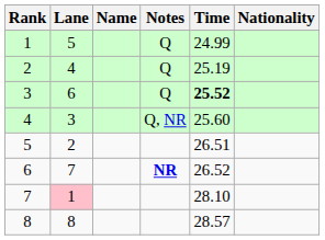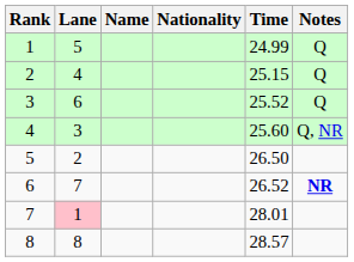 <table class="wikitable sortable" style="text-align:center">
 <tr>
 <th>Rank</th>
 <th>Lane</th>
 <th>Name</th>
+<th>Nationality</th>
+<th>Time</th>
 <th>Notes</th>
-<th>Time</th>
-<th>Nationality</th>
 </tr>
 <tr bgcolor="ccffcc">
 <td>1</td>
 <td>5</td>
 <td align="left"></td>
+<td align="left"></td>
+<td>24.99</td>
 <td>Q</td>
-<td>24.99</td>
-<td align="left"></td>
 </tr>
 <tr bgcolor="ccffcc">
 <td>2</td>
 <td>4</td>
 <td align="left"></td>
+<td align="left"></td>
+<td>25.15</td>
 <td>Q</td>
-<td>25.19</td>
-<td align="left"></td>
 </tr>
 <tr bgcolor="ccffcc">
 <td>3</td>
 <td>6</td>
 <td align="left"></td>
+<td align="left"></td>
+<td>25.52</td>
 <td>Q</td>
-<td><strong>25.52</strong></td>
-<td align="left"></td>
 </tr>
 <tr bgcolor="ccffcc">
 <td>4</td>
 <td>3</td>
 <td align="left"></td>
+<td align="left"></td>
+<td>25.60</td>
 <td>Q, <a href='#'>NR</a></td>
-<td>25.60</td>
-<td align="left"></td>
 </tr>
 <tr>
 <td>5</td>
 <td>2</td>
 <td align="left"></td>
+<td align="left"></td>
+<td>26.50</td>
 <td></td>
-<td>26.51</td>
-<td align="left"></td>
 </tr>
 <tr>
 <td>6</td>
 <td>7</td>
 <td align="left"></td>
+<td align="left"></td>
+<td>26.52</td>
 <td><strong><a href='#'>NR</a></strong></td>
-<td>26.52</td>
-<td align="left"></td>
 </tr>
 <tr>
 <td>7</td>
 <td style="background: pink;">1</td>
 <td align="left"></td>
+<td align="left"></td>
+<td>28.01</td>
 <td></td>
-<td>28.10</td>
-<td align="left"></td>
 </tr>
 <tr>
 <td>8</td>
 <td>8</td>
 <td align="left"></td>
+<td align="left"></td>
+<td>28.57</td>
 <td></td>
-<td>28.57</td>
-<td align="left"></td>
 </tr>
 </table>
